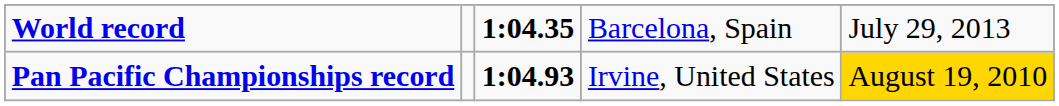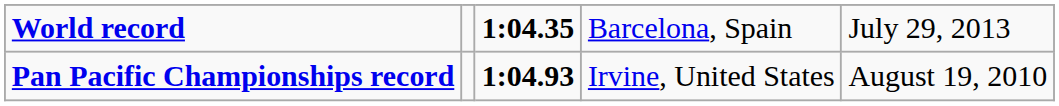 <table class="wikitable">
 <tr>
 <td><strong><a href='#'>World record</a></strong></td>
 <td></td>
 <td><strong>1:04.35</strong></td>
 <td><a href='#'>Barcelona</a>, Spain</td>
 <td>July 29, 2013</td>
 </tr>
 <tr>
 <td><strong><a href='#'>Pan Pacific Championships record</a></strong></td>
 <td></td>
 <td><strong>1:04.93</strong></td>
 <td><a href='#'>Irvine</a>, United States</td>
-<td style="background: gold;">August 19, 2010</td>
+<td>August 19, 2010</td>
 </tr>
 </table>
